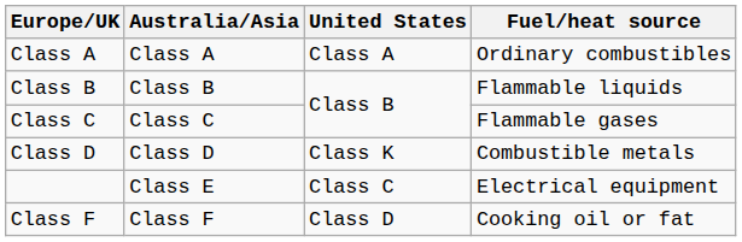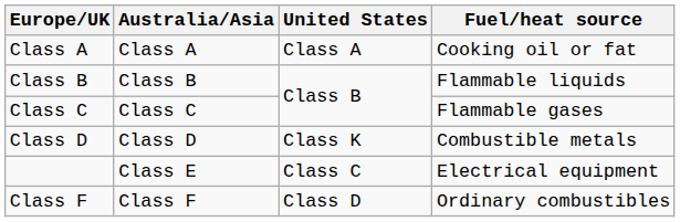 <table class="wikitable">
 <tr>
 <th>Europe/UK</th>
 <th>Australia/Asia</th>
 <th>United States</th>
 <th>Fuel/heat source</th>
 </tr>
 <tr>
 <td>Class A</td>
 <td>Class A</td>
 <td>Class A</td>
-<td>Ordinary combustibles</td>
+<td>Cooking oil or fat</td>
 </tr>
 <tr>
 <td>Class B</td>
 <td>Class B</td>
 <td rowspan="2">Class B</td>
 <td>Flammable liquids</td>
 </tr>
 <tr>
 <td>Class C</td>
 <td>Class C</td>
 <td>Flammable gases</td>
 </tr>
 <tr>
 <td>Class D</td>
 <td>Class D</td>
 <td>Class K</td>
 <td>Combustible metals</td>
 </tr>
 <tr>
 <td></td>
 <td>Class E</td>
 <td>Class C</td>
 <td>Electrical equipment</td>
 </tr>
 <tr>
 <td>Class F</td>
 <td>Class F</td>
 <td>Class D</td>
-<td>Cooking oil or fat</td>
+<td>Ordinary combustibles</td>
 </tr>
 </table>
